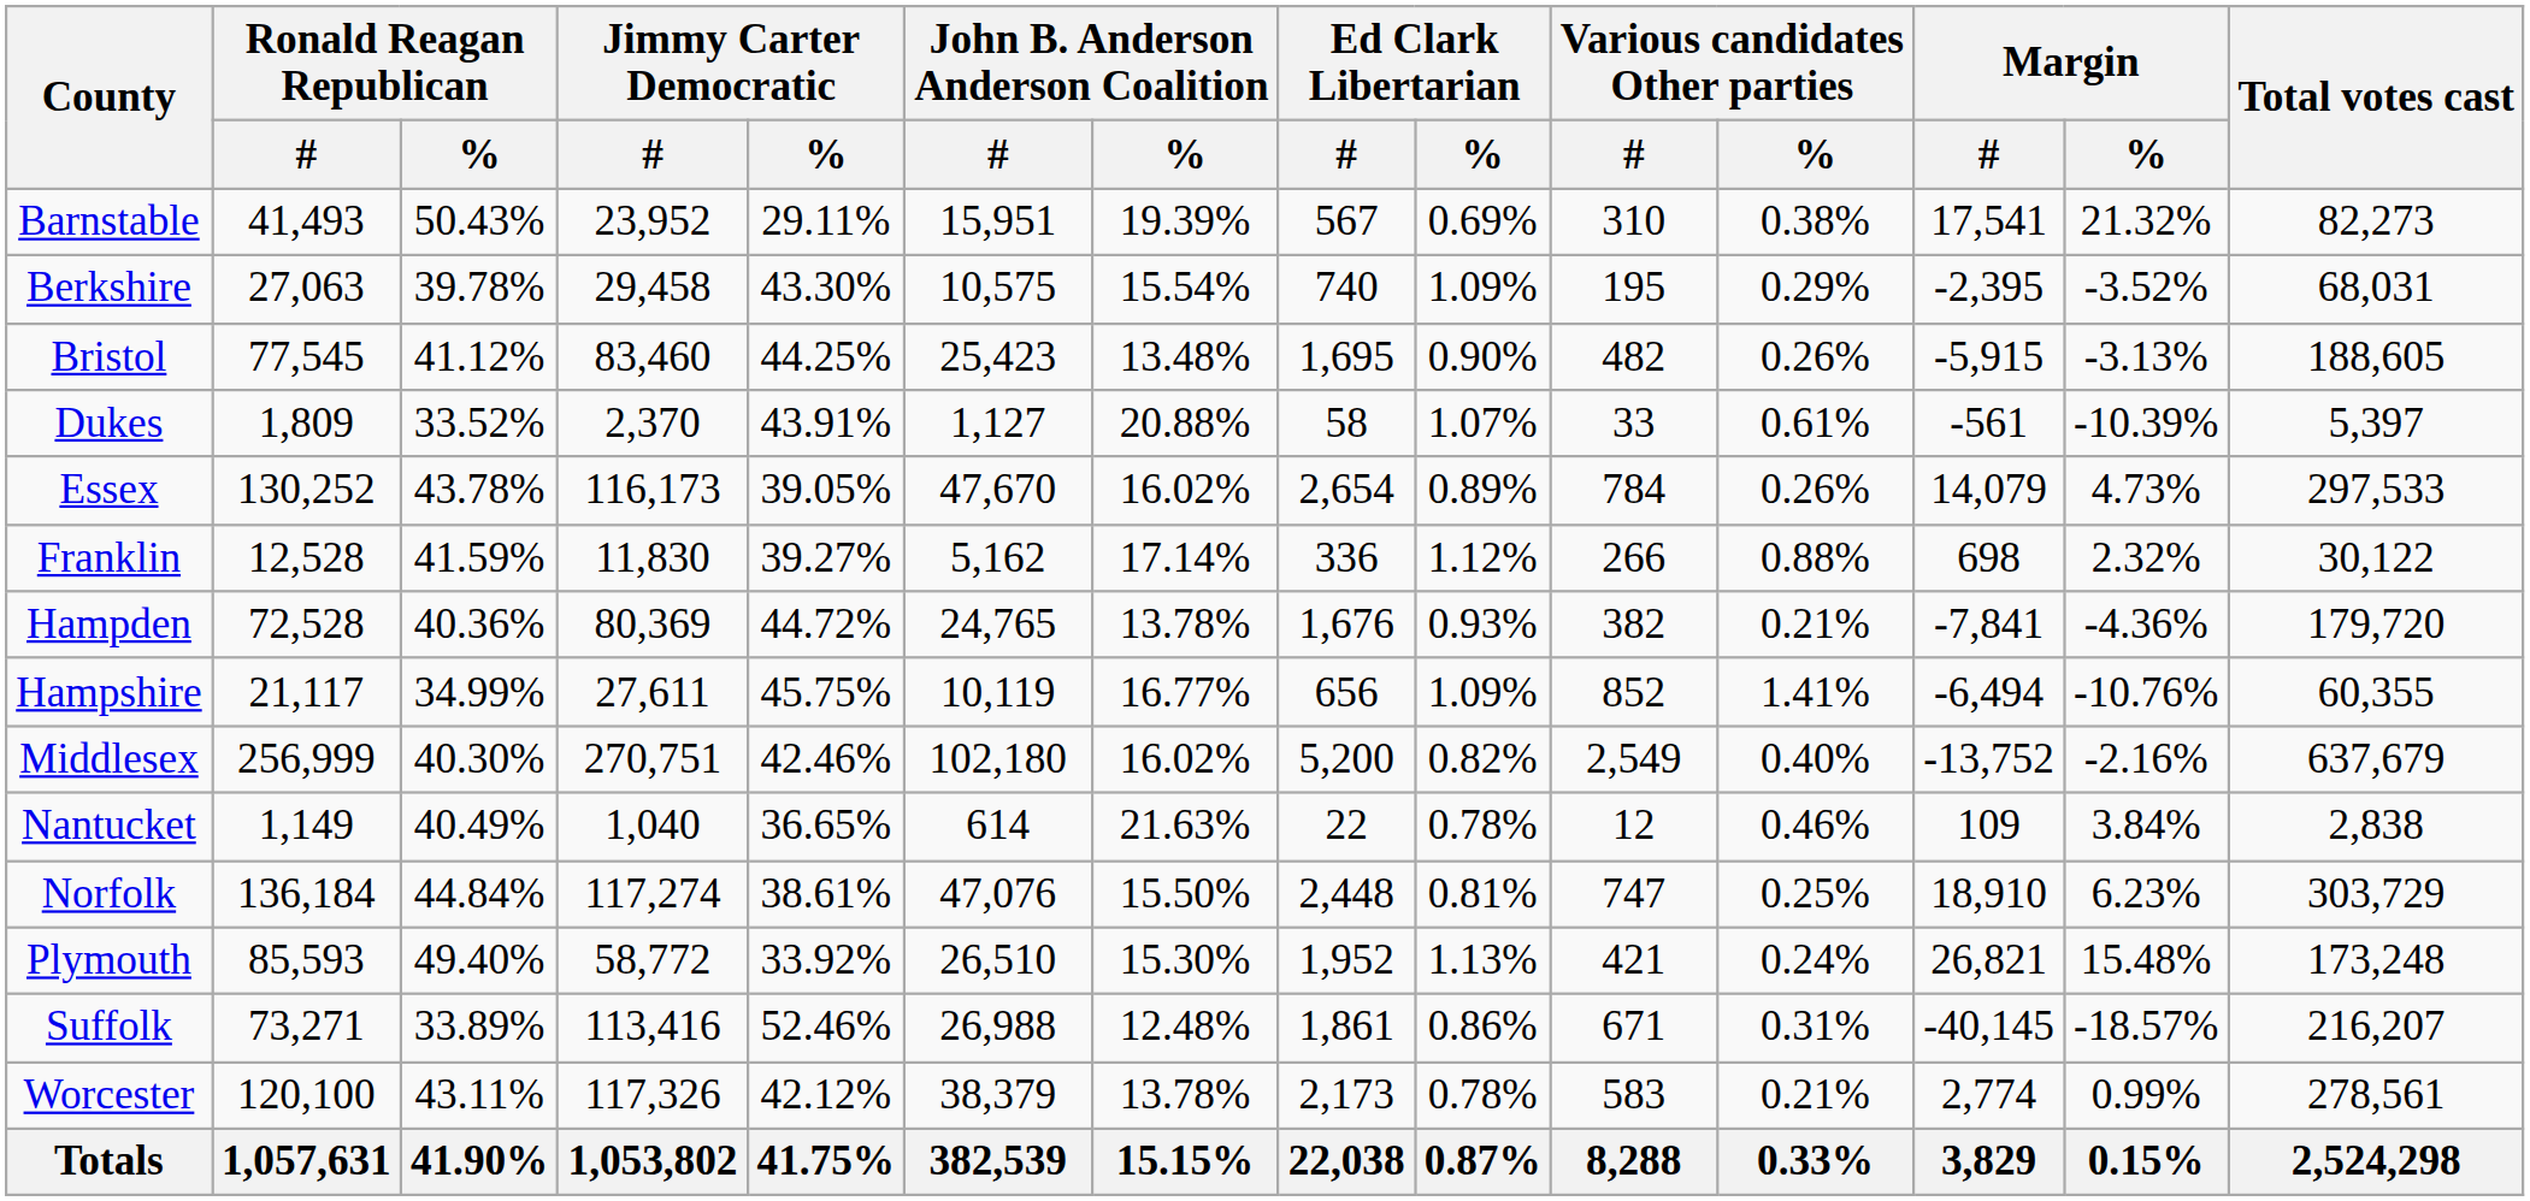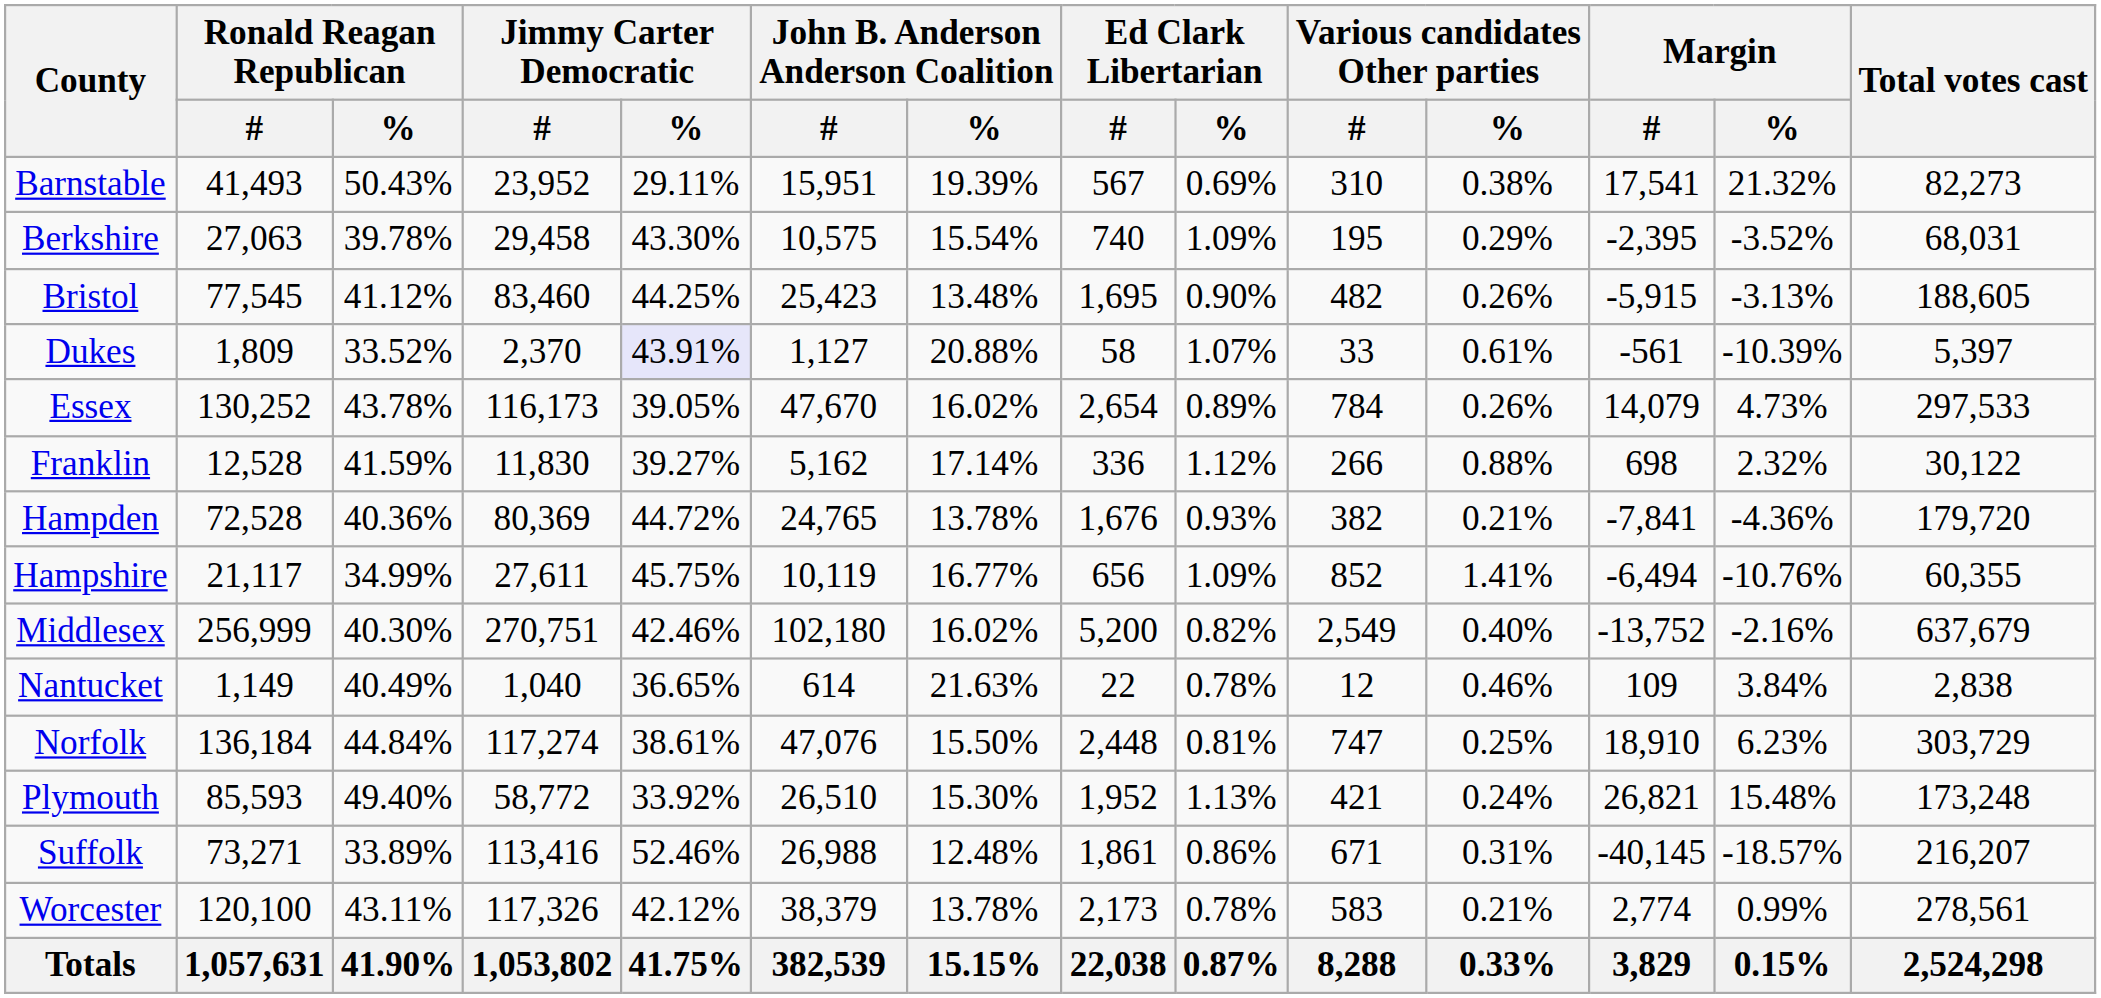 <table class="wikitable sortable" style="text-align:center">
 <tr>
 <th style="text-align:center;" rowspan="2">County</th>
 <th style="text-align:center;" colspan="2">Ronald Reagan<br>Republican</th>
 <th style="text-align:center;" colspan="2">Jimmy Carter<br>Democratic</th>
 <th style="text-align:center;" colspan="2">John B. Anderson<br>Anderson Coalition</th>
 <th style="text-align:center;" colspan="2">Ed Clark<br>Libertarian</th>
 <th style="text-align:center;" colspan="2">Various candidates<br>Other parties</th>
 <th style="text-align:center;" colspan="2">Margin</th>
 <th style="text-align:center;" rowspan="2">Total votes cast</th>
 </tr>
 <tr>
 <th data-sort-type="number">#</th>
 <th data-sort-type="number">%</th>
 <th data-sort-type="number">#</th>
 <th data-sort-type="number">%</th>
 <th data-sort-type="number">#</th>
 <th data-sort-type="number">%</th>
 <th data-sort-type="number">#</th>
 <th data-sort-type="number">%</th>
 <th data-sort-type="number">#</th>
 <th data-sort-type="number">%</th>
 <th data-sort-type="number">#</th>
 <th data-sort-type="number">%</th>
 </tr>
 <tr style="text-align:center;">
 <td><a href='#'>Barnstable</a></td>
 <td>41,493</td>
 <td>50.43%</td>
 <td>23,952</td>
 <td>29.11%</td>
 <td>15,951</td>
 <td>19.39%</td>
 <td>567</td>
 <td>0.69%</td>
 <td>310</td>
 <td>0.38%</td>
 <td>17,541</td>
 <td>21.32%</td>
 <td>82,273</td>
 </tr>
 <tr style="text-align:center;">
 <td><a href='#'>Berkshire</a></td>
 <td>27,063</td>
 <td>39.78%</td>
 <td>29,458</td>
 <td>43.30%</td>
 <td>10,575</td>
 <td>15.54%</td>
 <td>740</td>
 <td>1.09%</td>
 <td>195</td>
 <td>0.29%</td>
 <td>-2,395</td>
 <td>-3.52%</td>
 <td>68,031</td>
 </tr>
 <tr style="text-align:center;">
 <td><a href='#'>Bristol</a></td>
 <td>77,545</td>
 <td>41.12%</td>
 <td>83,460</td>
 <td>44.25%</td>
 <td>25,423</td>
 <td>13.48%</td>
 <td>1,695</td>
 <td>0.90%</td>
 <td>482</td>
 <td>0.26%</td>
 <td>-5,915</td>
 <td>-3.13%</td>
 <td>188,605</td>
 </tr>
 <tr style="text-align:center;">
 <td><a href='#'>Dukes</a></td>
 <td>1,809</td>
 <td>33.52%</td>
 <td>2,370</td>
-<td>43.91%</td>
+<td style="background: lavender;">43.91%</td>
 <td>1,127</td>
 <td>20.88%</td>
 <td>58</td>
 <td>1.07%</td>
 <td>33</td>
 <td>0.61%</td>
 <td>-561</td>
 <td>-10.39%</td>
 <td>5,397</td>
 </tr>
 <tr style="text-align:center;">
 <td><a href='#'>Essex</a></td>
 <td>130,252</td>
 <td>43.78%</td>
 <td>116,173</td>
 <td>39.05%</td>
 <td>47,670</td>
 <td>16.02%</td>
 <td>2,654</td>
 <td>0.89%</td>
 <td>784</td>
 <td>0.26%</td>
 <td>14,079</td>
 <td>4.73%</td>
 <td>297,533</td>
 </tr>
 <tr style="text-align:center;">
 <td><a href='#'>Franklin</a></td>
 <td>12,528</td>
 <td>41.59%</td>
 <td>11,830</td>
 <td>39.27%</td>
 <td>5,162</td>
 <td>17.14%</td>
 <td>336</td>
 <td>1.12%</td>
 <td>266</td>
 <td>0.88%</td>
 <td>698</td>
 <td>2.32%</td>
 <td>30,122</td>
 </tr>
 <tr style="text-align:center;">
 <td><a href='#'>Hampden</a></td>
 <td>72,528</td>
 <td>40.36%</td>
 <td>80,369</td>
 <td>44.72%</td>
 <td>24,765</td>
 <td>13.78%</td>
 <td>1,676</td>
 <td>0.93%</td>
 <td>382</td>
 <td>0.21%</td>
 <td>-7,841</td>
 <td>-4.36%</td>
 <td>179,720</td>
 </tr>
 <tr style="text-align:center;">
 <td><a href='#'>Hampshire</a></td>
 <td>21,117</td>
 <td>34.99%</td>
 <td>27,611</td>
 <td>45.75%</td>
 <td>10,119</td>
 <td>16.77%</td>
 <td>656</td>
 <td>1.09%</td>
 <td>852</td>
 <td>1.41%</td>
 <td>-6,494</td>
 <td>-10.76%</td>
 <td>60,355</td>
 </tr>
 <tr style="text-align:center;">
 <td><a href='#'>Middlesex</a></td>
 <td>256,999</td>
 <td>40.30%</td>
 <td>270,751</td>
 <td>42.46%</td>
 <td>102,180</td>
 <td>16.02%</td>
 <td>5,200</td>
 <td>0.82%</td>
 <td>2,549</td>
 <td>0.40%</td>
 <td>-13,752</td>
 <td>-2.16%</td>
 <td>637,679</td>
 </tr>
 <tr style="text-align:center;">
 <td><a href='#'>Nantucket</a></td>
 <td>1,149</td>
 <td>40.49%</td>
 <td>1,040</td>
 <td>36.65%</td>
 <td>614</td>
 <td>21.63%</td>
 <td>22</td>
 <td>0.78%</td>
 <td>12</td>
 <td>0.46%</td>
 <td>109</td>
 <td>3.84%</td>
 <td>2,838</td>
 </tr>
 <tr style="text-align:center;">
 <td><a href='#'>Norfolk</a></td>
 <td>136,184</td>
 <td>44.84%</td>
 <td>117,274</td>
 <td>38.61%</td>
 <td>47,076</td>
 <td>15.50%</td>
 <td>2,448</td>
 <td>0.81%</td>
 <td>747</td>
 <td>0.25%</td>
 <td>18,910</td>
 <td>6.23%</td>
 <td>303,729</td>
 </tr>
 <tr style="text-align:center;">
 <td><a href='#'>Plymouth</a></td>
 <td>85,593</td>
 <td>49.40%</td>
 <td>58,772</td>
 <td>33.92%</td>
 <td>26,510</td>
 <td>15.30%</td>
 <td>1,952</td>
 <td>1.13%</td>
 <td>421</td>
 <td>0.24%</td>
 <td>26,821</td>
 <td>15.48%</td>
 <td>173,248</td>
 </tr>
 <tr style="text-align:center;">
 <td><a href='#'>Suffolk</a></td>
 <td>73,271</td>
 <td>33.89%</td>
 <td>113,416</td>
 <td>52.46%</td>
 <td>26,988</td>
 <td>12.48%</td>
 <td>1,861</td>
 <td>0.86%</td>
 <td>671</td>
 <td>0.31%</td>
 <td>-40,145</td>
 <td>-18.57%</td>
 <td>216,207</td>
 </tr>
 <tr style="text-align:center;">
 <td><a href='#'>Worcester</a></td>
 <td>120,100</td>
 <td>43.11%</td>
 <td>117,326</td>
 <td>42.12%</td>
 <td>38,379</td>
 <td>13.78%</td>
 <td>2,173</td>
 <td>0.78%</td>
 <td>583</td>
 <td>0.21%</td>
 <td>2,774</td>
 <td>0.99%</td>
 <td>278,561</td>
 </tr>
 <tr style="text-align:center;">
 <th>Totals</th>
 <th>1,057,631</th>
 <th>41.90%</th>
 <th>1,053,802</th>
 <th>41.75%</th>
 <th>382,539</th>
 <th>15.15%</th>
 <th>22,038</th>
 <th>0.87%</th>
 <th>8,288</th>
 <th>0.33%</th>
 <th>3,829</th>
 <th>0.15%</th>
 <th>2,524,298</th>
 </tr>
 </table>
